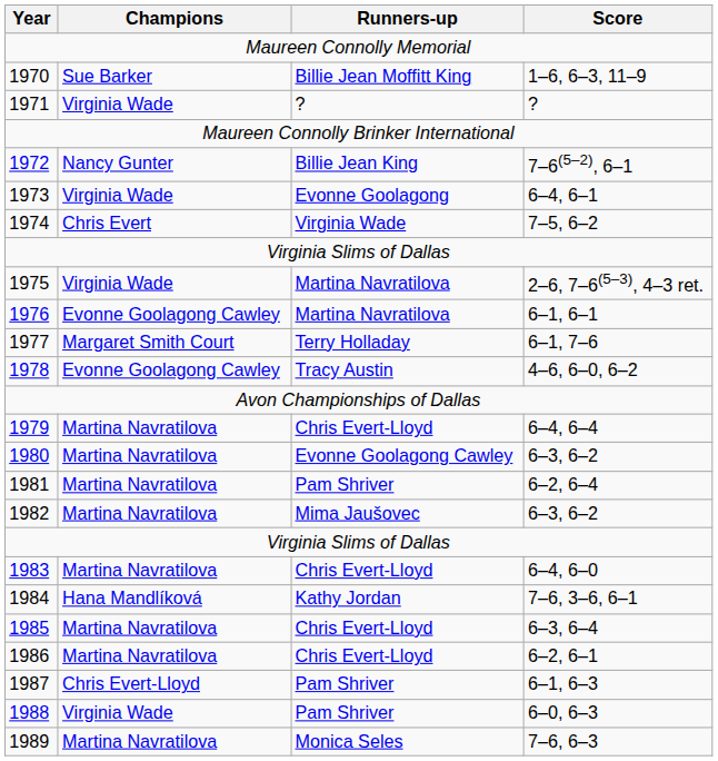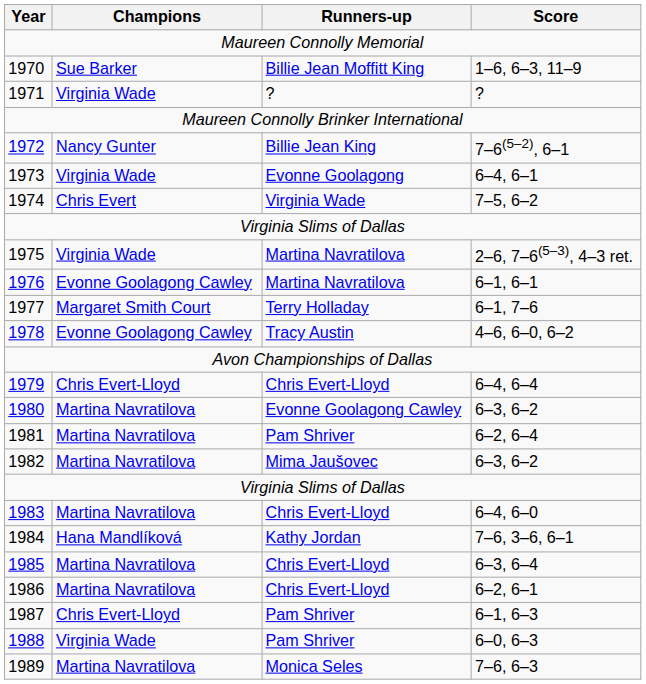 <table class=wikitable>
 <tr>
 <th style="width:40px">Year</th>
 <th style="width:200px">Champions</th>
 <th style="width:200px">Runners-up</th>
 <th style="width:160px" class="unsortable">Score</th>
 </tr>
 <tr>
 <td colspan="4" style="text-align:center;"><em>Maureen Connolly Memorial</em></td>
 </tr>
 <tr>
 <td>1970</td>
 <td> <a href='#'>Sue Barker</a></td>
 <td> <a href='#'>Billie Jean Moffitt King</a></td>
 <td>1–6, 6–3, 11–9</td>
 </tr>
 <tr>
 <td>1971</td>
 <td> <a href='#'>Virginia Wade</a></td>
 <td>?</td>
 <td>?</td>
 </tr>
 <tr>
 <td colspan="4" style="text-align:center;"><em>Maureen Connolly Brinker International</em></td>
 </tr>
 <tr>
 <td><a href='#'>1972</a></td>
 <td> <a href='#'>Nancy Gunter</a></td>
 <td> <a href='#'>Billie Jean King</a></td>
 <td>7–6<sup>(5–2)</sup>, 6–1</td>
 </tr>
 <tr>
 <td>1973</td>
 <td> <a href='#'>Virginia Wade</a></td>
 <td> <a href='#'>Evonne Goolagong</a></td>
 <td>6–4, 6–1</td>
 </tr>
 <tr>
 <td>1974</td>
 <td> <a href='#'>Chris Evert</a></td>
 <td> <a href='#'>Virginia Wade</a></td>
 <td>7–5, 6–2</td>
 </tr>
 <tr>
 <td colspan="4" style="text-align:center;"><em>Virginia Slims of Dallas</em></td>
 </tr>
 <tr>
 <td>1975</td>
 <td> <a href='#'>Virginia Wade</a></td>
 <td> <a href='#'>Martina Navratilova</a></td>
 <td>2–6, 7–6<sup>(5–3)</sup>, 4–3 ret.</td>
 </tr>
 <tr>
 <td><a href='#'>1976</a></td>
 <td> <a href='#'>Evonne Goolagong Cawley</a></td>
 <td> <a href='#'>Martina Navratilova</a></td>
 <td>6–1, 6–1</td>
 </tr>
 <tr>
 <td>1977</td>
 <td> <a href='#'>Margaret Smith Court</a></td>
 <td> <a href='#'>Terry Holladay</a></td>
 <td>6–1, 7–6</td>
 </tr>
 <tr>
 <td><a href='#'>1978</a></td>
 <td> <a href='#'>Evonne Goolagong Cawley</a></td>
 <td> <a href='#'>Tracy Austin</a></td>
 <td>4–6, 6–0, 6–2</td>
 </tr>
 <tr>
 <td colspan="4" style="text-align:center;"><em>Avon Championships of Dallas</em></td>
 </tr>
 <tr>
 <td><a href='#'>1979</a></td>
-<td> <a href='#'>Martina Navratilova</a></td>
+<td> <a href='#'>Chris Evert-Lloyd</a></td>
 <td> <a href='#'>Chris Evert-Lloyd</a></td>
 <td>6–4, 6–4</td>
 </tr>
 <tr>
 <td><a href='#'>1980</a></td>
 <td> <a href='#'>Martina Navratilova</a></td>
 <td> <a href='#'>Evonne Goolagong Cawley</a></td>
 <td>6–3, 6–2</td>
 </tr>
 <tr>
 <td>1981</td>
 <td> <a href='#'>Martina Navratilova</a></td>
 <td> <a href='#'>Pam Shriver</a></td>
 <td>6–2, 6–4</td>
 </tr>
 <tr>
 <td>1982</td>
 <td> <a href='#'>Martina Navratilova</a></td>
 <td> <a href='#'>Mima Jaušovec</a></td>
 <td>6–3, 6–2</td>
 </tr>
 <tr>
 <td colspan="4" style="text-align:center;"><em>Virginia Slims of Dallas</em></td>
 </tr>
 <tr>
 <td><a href='#'>1983</a></td>
 <td> <a href='#'>Martina Navratilova</a></td>
 <td> <a href='#'>Chris Evert-Lloyd</a></td>
 <td>6–4, 6–0</td>
 </tr>
 <tr>
 <td>1984</td>
 <td> <a href='#'>Hana Mandlíková</a></td>
 <td> <a href='#'>Kathy Jordan</a></td>
 <td>7–6, 3–6, 6–1</td>
 </tr>
 <tr>
 <td><a href='#'>1985</a></td>
 <td> <a href='#'>Martina Navratilova</a></td>
 <td> <a href='#'>Chris Evert-Lloyd</a></td>
 <td>6–3, 6–4</td>
 </tr>
 <tr>
 <td>1986</td>
 <td> <a href='#'>Martina Navratilova</a></td>
 <td> <a href='#'>Chris Evert-Lloyd</a></td>
 <td>6–2, 6–1</td>
 </tr>
 <tr>
 <td>1987</td>
 <td> <a href='#'>Chris Evert-Lloyd</a></td>
 <td> <a href='#'>Pam Shriver</a></td>
 <td>6–1, 6–3</td>
 </tr>
 <tr>
 <td><a href='#'>1988</a></td>
 <td> <a href='#'>Virginia Wade</a></td>
 <td> <a href='#'>Pam Shriver</a></td>
 <td>6–0, 6–3</td>
 </tr>
 <tr>
 <td>1989</td>
 <td> <a href='#'>Martina Navratilova</a></td>
 <td> <a href='#'>Monica Seles</a></td>
 <td>7–6, 6–3</td>
 </tr>
 </table>
